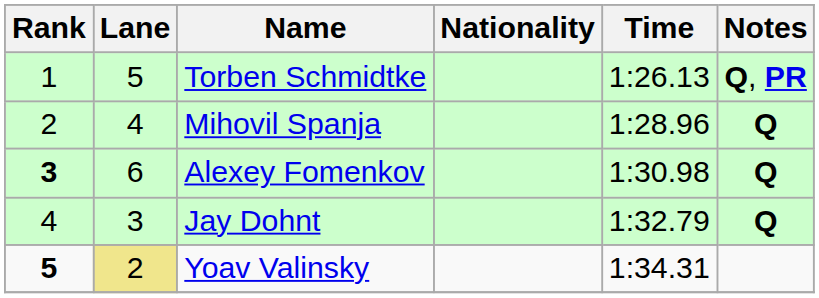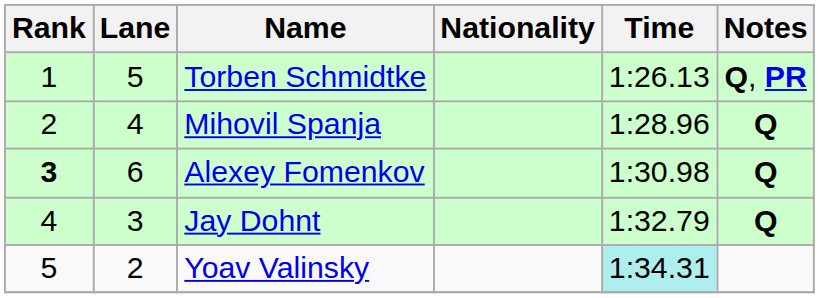 <table class="wikitable">
 <tr>
 <th>Rank</th>
 <th>Lane</th>
 <th>Name</th>
 <th>Nationality</th>
 <th>Time</th>
 <th>Notes</th>
 </tr>
 <tr bgcolor=ccffcc>
 <td align=center>1</td>
 <td align=center>5</td>
 <td><a href='#'>Torben Schmidtke</a></td>
 <td></td>
 <td align=center>1:26.13</td>
 <td align=center><strong>Q</strong>, <strong><a href='#'>PR</a></strong></td>
 </tr>
 <tr bgcolor=ccffcc>
 <td align=center>2</td>
 <td align=center>4</td>
 <td><a href='#'>Mihovil Spanja</a></td>
 <td></td>
 <td align=center>1:28.96</td>
 <td align=center><strong>Q</strong></td>
 </tr>
 <tr bgcolor=ccffcc>
 <td align=center><strong>3</strong></td>
 <td align=center>6</td>
 <td><a href='#'>Alexey Fomenkov</a></td>
 <td></td>
 <td align=center>1:30.98</td>
 <td align=center><strong>Q</strong></td>
 </tr>
 <tr bgcolor=ccffcc>
 <td align=center>4</td>
 <td align=center>3</td>
 <td><a href='#'>Jay Dohnt</a></td>
 <td></td>
 <td align=center>1:32.79</td>
 <td align=center><strong>Q</strong></td>
 </tr>
 <tr>
-<td align=center><strong>5</strong></td>
-<td align=center style="background: khaki;">2</td>
+<td align=center>5</td>
+<td align=center>2</td>
 <td><a href='#'>Yoav Valinsky</a></td>
 <td></td>
-<td align=center>1:34.31</td>
+<td align=center style="background: paleturquoise;">1:34.31</td>
 <td align=center></td>
 </tr>
 <tr>
 </tr>
 </table>
